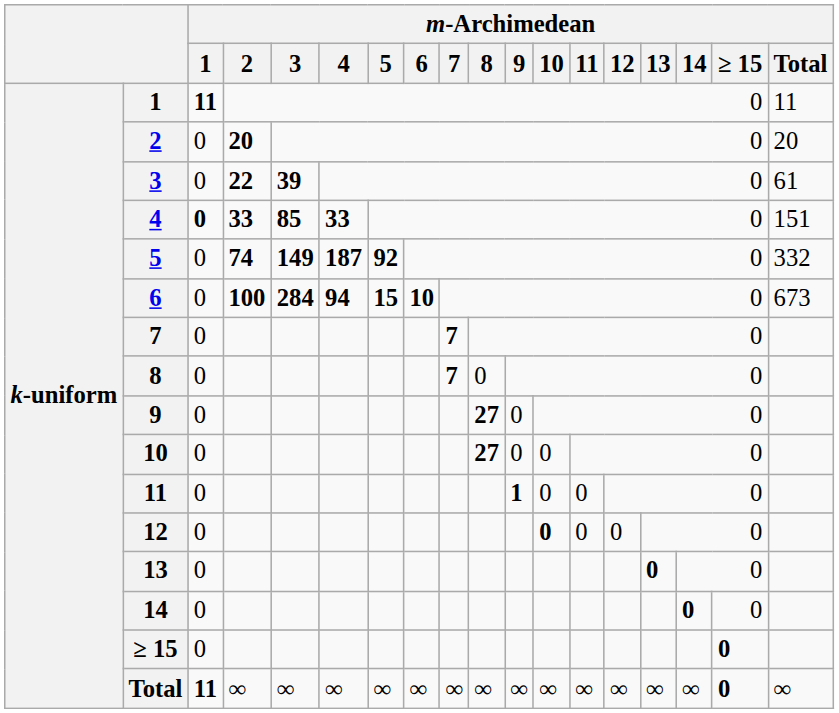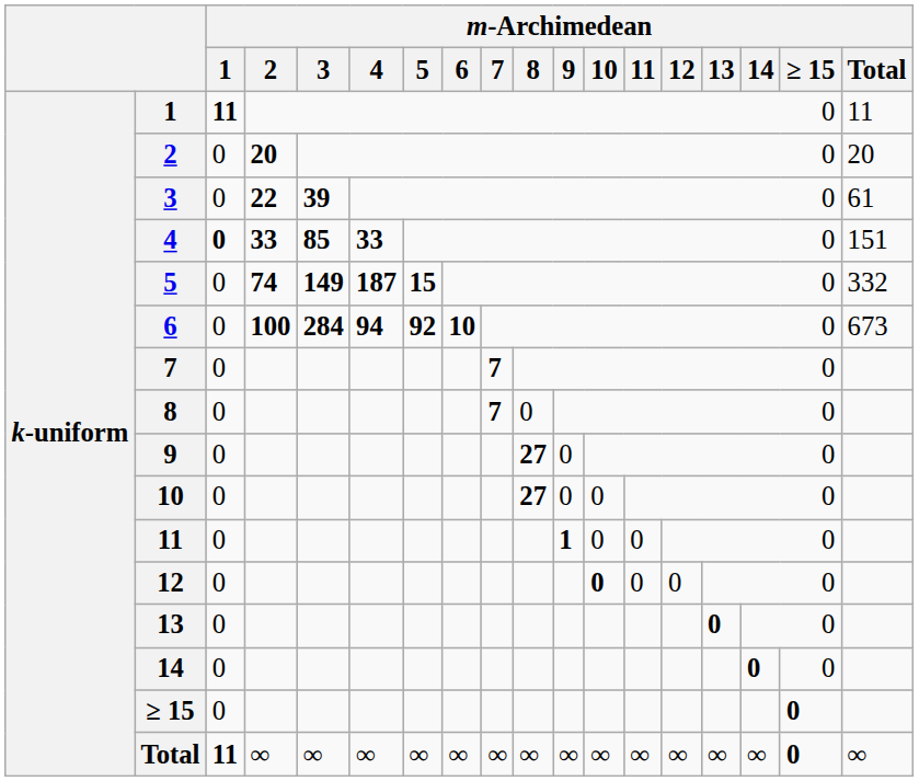 <table class="wikitable">
 <tr>
 <th colspan=2 rowspan=2></th>
 <th colspan="16"><em>m</em>-Archimedean</th>
 </tr>
 <tr>
 <th>1</th>
 <th>2</th>
 <th>3</th>
 <th>4</th>
 <th>5</th>
 <th>6</th>
 <th>7</th>
 <th>8</th>
 <th>9</th>
 <th>10</th>
 <th>11</th>
 <th>12</th>
 <th>13</th>
 <th>14</th>
 <th>≥ 15</th>
 <th>Total</th>
 </tr>
 <tr>
 <th rowspan="16"><em>k</em>-uniform</th>
 <th scope="row">1</th>
 <td><strong>11</strong></td>
 <td colspan=14 align=right>0</td>
 <td>11</td>
 </tr>
 <tr>
 <th scope="row"><a href='#'>2</a></th>
 <td>0</td>
 <td><strong>20</strong></td>
 <td colspan=13 align=right>0</td>
 <td>20</td>
 </tr>
 <tr>
 <th scope="row"><a href='#'>3</a></th>
 <td>0</td>
 <td><strong>22</strong></td>
 <td><strong>39</strong></td>
 <td colspan=12 align=right>0</td>
 <td>61</td>
 </tr>
 <tr>
 <th scope="row"><a href='#'>4</a></th>
 <td><strong>0</strong></td>
 <td><strong>33</strong></td>
 <td><strong>85</strong></td>
 <td><strong>33</strong></td>
 <td colspan=11 align=right>0</td>
 <td>151</td>
 </tr>
 <tr>
 <th scope="row"><a href='#'>5</a></th>
 <td>0</td>
 <td><strong>74</strong></td>
 <td><strong>149</strong></td>
 <td><strong>187</strong></td>
-<td><strong>92</strong></td>
+<td><strong>15</strong></td>
 <td colspan=10 align=right>0</td>
 <td>332</td>
 </tr>
 <tr>
 <th scope="row"><a href='#'>6</a></th>
 <td>0</td>
 <td><strong>100</strong></td>
 <td><strong>284</strong></td>
 <td><strong>94</strong></td>
-<td><strong>15</strong></td>
+<td><strong>92</strong></td>
 <td><strong>10</strong></td>
 <td colspan=9 align=right>0</td>
 <td>673</td>
 </tr>
 <tr>
 <th scope="row">7</th>
 <td>0</td>
 <td></td>
 <td></td>
 <td></td>
 <td></td>
 <td></td>
 <td><strong>7</strong></td>
 <td colspan=8 align=right>0</td>
 <td></td>
 </tr>
 <tr>
 <th scope="row">8</th>
 <td>0</td>
 <td></td>
 <td></td>
 <td></td>
 <td></td>
 <td></td>
 <td><strong>7</strong></td>
 <td>0</td>
 <td colspan=7 align=right>0</td>
 <td></td>
 </tr>
 <tr>
 <th scope="row">9</th>
 <td>0</td>
 <td></td>
 <td></td>
 <td></td>
 <td></td>
 <td></td>
 <td></td>
 <td><strong>27</strong></td>
 <td>0</td>
 <td colspan=6 align=right>0</td>
 <td></td>
 </tr>
 <tr>
 <th scope="row">10</th>
 <td>0</td>
 <td></td>
 <td></td>
 <td></td>
 <td></td>
 <td></td>
 <td></td>
 <td><strong>27</strong></td>
 <td>0</td>
 <td>0</td>
 <td colspan=5 align=right>0</td>
 <td></td>
 </tr>
 <tr>
 <th scope="row">11</th>
 <td>0</td>
 <td></td>
 <td></td>
 <td></td>
 <td></td>
 <td></td>
 <td></td>
 <td></td>
 <td><strong>1</strong></td>
 <td>0</td>
 <td>0</td>
 <td colspan=4 align=right>0</td>
 <td></td>
 </tr>
 <tr>
 <th scope="row">12</th>
 <td>0</td>
 <td></td>
 <td></td>
 <td></td>
 <td></td>
 <td></td>
 <td></td>
 <td></td>
 <td></td>
 <td><strong>0</strong></td>
 <td>0</td>
 <td>0</td>
 <td colspan=3 align=right>0</td>
 <td></td>
 </tr>
 <tr>
 <th scope="row">13</th>
 <td>0</td>
 <td></td>
 <td></td>
 <td></td>
 <td></td>
 <td></td>
 <td></td>
 <td></td>
 <td></td>
 <td></td>
 <td></td>
 <td></td>
 <td><strong>0</strong></td>
 <td colspan=2 align=right>0</td>
 <td></td>
 </tr>
 <tr>
 <th scope="row">14</th>
 <td>0</td>
 <td></td>
 <td></td>
 <td></td>
 <td></td>
 <td></td>
 <td></td>
 <td></td>
 <td></td>
 <td></td>
 <td></td>
 <td></td>
 <td></td>
 <td><strong>0</strong></td>
 <td align=right>0</td>
 <td></td>
 </tr>
 <tr>
 <th scope="row">≥ 15</th>
 <td>0</td>
 <td></td>
 <td></td>
 <td></td>
 <td></td>
 <td></td>
 <td></td>
 <td></td>
 <td></td>
 <td></td>
 <td></td>
 <td></td>
 <td></td>
 <td></td>
 <td><strong>0</strong></td>
 <td></td>
 </tr>
 <tr>
 <th scope="row">Total</th>
 <td><strong>11</strong></td>
 <td 0><strong>∞</strong></td>
 <td 0><strong>∞</strong></td>
 <td><strong>∞</strong></td>
 <td><strong>∞</strong></td>
 <td><strong>∞</strong></td>
 <td><strong>∞</strong></td>
 <td><strong>∞</strong></td>
 <td><strong>∞</strong></td>
 <td><strong>∞</strong></td>
 <td><strong>∞</strong></td>
 <td><strong>∞</strong></td>
 <td><strong>∞</strong></td>
 <td><strong>∞</strong></td>
 <td><strong>0</strong></td>
 <td><strong>∞</strong></td>
 </tr>
 <tr>
 </tr>
 </table>
